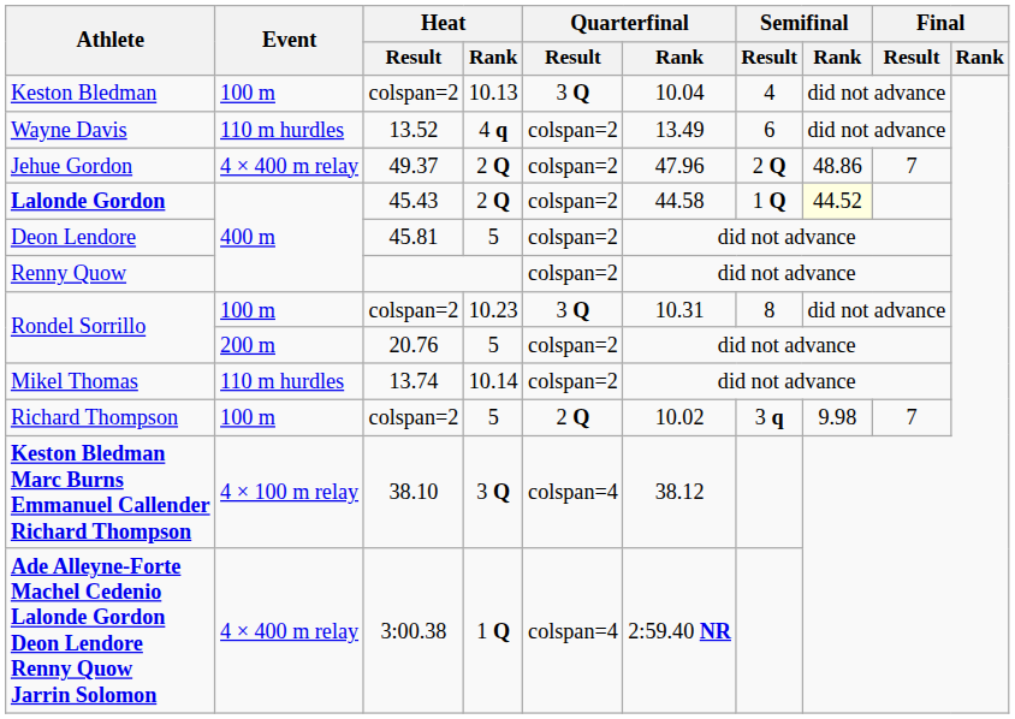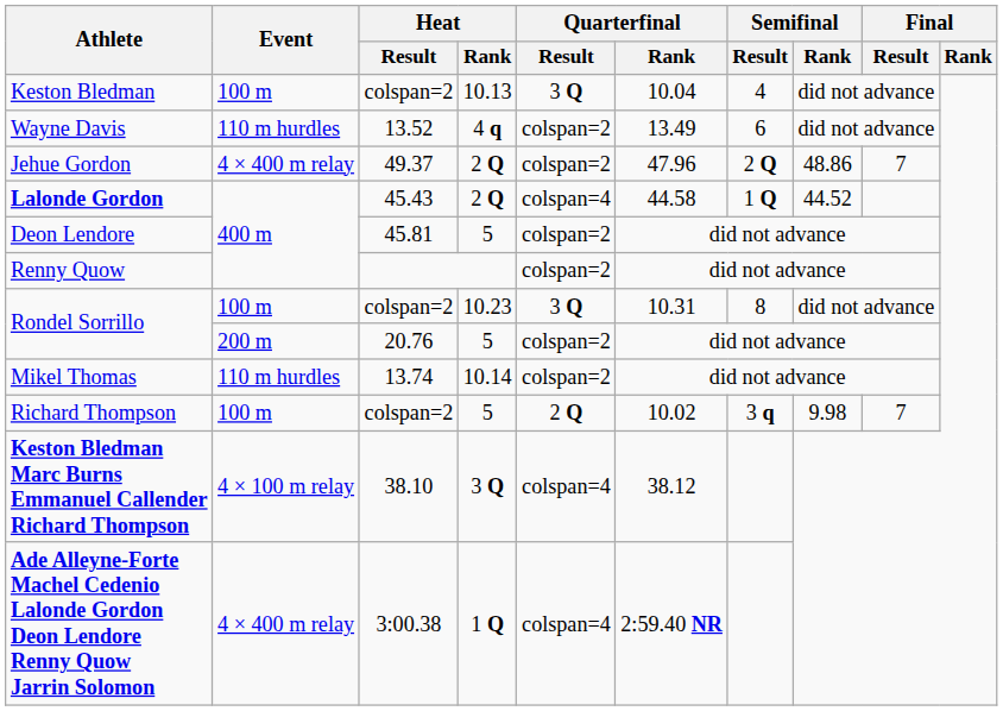 <table class="wikitable" style="font-size:90%">
 <tr>
 <th rowspan="2">Athlete</th>
 <th rowspan="2">Event</th>
 <th colspan="2">Heat</th>
 <th colspan="2">Quarterfinal</th>
 <th colspan="2">Semifinal</th>
 <th colspan="2">Final</th>
 </tr>
 <tr style="font-size:95%">
 <th>Result</th>
 <th>Rank</th>
 <th>Result</th>
 <th>Rank</th>
 <th>Result</th>
 <th>Rank</th>
 <th>Result</th>
 <th>Rank</th>
 </tr>
 <tr align=center>
 <td align=left><a href='#'>Keston Bledman</a></td>
 <td align=left><a href='#'>100 m</a></td>
 <td>colspan=2 </td>
 <td>10.13</td>
 <td>3 <strong>Q</strong></td>
 <td>10.04</td>
 <td>4</td>
 <td colspan=2>did not advance</td>
 </tr>
 <tr align=center>
 <td align=left><a href='#'>Wayne Davis</a></td>
 <td align=left><a href='#'>110 m hurdles</a></td>
 <td>13.52</td>
 <td>4 <strong>q</strong></td>
 <td>colspan=2 </td>
 <td>13.49</td>
 <td>6</td>
 <td colspan=2>did not advance</td>
 </tr>
 <tr align=center>
 <td align=left><a href='#'>Jehue Gordon</a></td>
 <td align=left><a href='#'>4 × 400 m relay</a></td>
 <td>49.37</td>
 <td>2 <strong>Q</strong></td>
 <td>colspan=2 </td>
 <td>47.96</td>
 <td>2 <strong>Q</strong></td>
 <td>48.86</td>
 <td>7</td>
 </tr>
 <tr align=center>
 <td align=left><strong><a href='#'>Lalonde Gordon</a></strong></td>
 <td align=left rowspan=3><a href='#'>400 m</a></td>
 <td>45.43</td>
 <td>2 <strong>Q</strong></td>
-<td>colspan=2 </td>
+<td>colspan=4 </td>
 <td>44.58</td>
 <td>1 <strong>Q</strong></td>
-<td style="background: lightyellow;">44.52</td>
+<td>44.52</td>
 <td></td>
 </tr>
 <tr align=center>
 <td align=left><a href='#'>Deon Lendore</a></td>
 <td>45.81</td>
 <td>5</td>
 <td>colspan=2 </td>
 <td colspan=4>did not advance</td>
 </tr>
 <tr align=center>
 <td align=left><a href='#'>Renny Quow</a></td>
 <td colspan=2></td>
 <td>colspan=2 </td>
 <td colspan=4>did not advance</td>
 </tr>
 <tr align=center>
 <td align=left rowspan=2><a href='#'>Rondel Sorrillo</a></td>
 <td align=left><a href='#'>100 m</a></td>
 <td>colspan=2 </td>
 <td>10.23</td>
 <td>3 <strong>Q</strong></td>
 <td>10.31</td>
 <td>8</td>
 <td colspan=2>did not advance</td>
 </tr>
 <tr align=center>
 <td align=left><a href='#'>200 m</a></td>
 <td>20.76</td>
 <td>5</td>
 <td>colspan=2 </td>
 <td colspan=4>did not advance</td>
 </tr>
 <tr align=center>
 <td align=left><a href='#'>Mikel Thomas</a></td>
 <td align=left><a href='#'>110 m hurdles</a></td>
 <td>13.74</td>
 <td>10.14</td>
 <td>colspan=2 </td>
 <td colspan=4>did not advance</td>
 </tr>
 <tr align=center>
 <td align=left><a href='#'>Richard Thompson</a></td>
 <td align=left><a href='#'>100 m</a></td>
 <td>colspan=2 </td>
 <td>5</td>
 <td>2 <strong>Q</strong></td>
 <td>10.02</td>
 <td>3 <strong>q</strong></td>
 <td>9.98</td>
 <td>7</td>
 </tr>
 <tr align=center>
 <td align=left><strong><a href='#'>Keston Bledman</a><br><a href='#'>Marc Burns</a><br><a href='#'>Emmanuel Callender</a><br><a href='#'>Richard Thompson</a></strong></td>
 <td align=left><a href='#'>4 × 100 m relay</a></td>
 <td>38.10</td>
 <td>3 <strong>Q</strong></td>
 <td>colspan=4 </td>
 <td>38.12</td>
 <td></td>
 </tr>
 <tr align=center>
 <td align=left><strong><a href='#'>Ade Alleyne-Forte</a><br><a href='#'>Machel Cedenio</a><br><a href='#'>Lalonde Gordon</a><br><a href='#'>Deon Lendore</a><br><a href='#'>Renny Quow</a><br><a href='#'>Jarrin Solomon</a></strong></td>
 <td align=left><a href='#'>4 × 400 m relay</a></td>
 <td>3:00.38</td>
 <td>1 <strong>Q</strong></td>
 <td>colspan=4 </td>
 <td>2:59.40 <strong><a href='#'>NR</a></strong></td>
 <td></td>
 </tr>
 </table>
